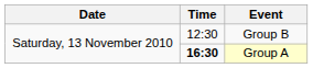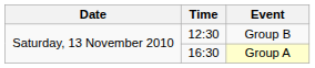 <table class = "wikitable" style="text-align:center;">
 <tr>
 <th width=220>Date</th>
 <th width=50>Time</th>
 <th width=100>Event</th>
 </tr>
 <tr>
 <td rowspan=2>Saturday, 13 November 2010</td>
 <td>12:30</td>
 <td>Group B</td>
 </tr>
 <tr>
-<td><strong>16:30</strong></td>
+<td>16:30</td>
 <td bgcolor=ffffcc>Group A</td>
 </tr>
 </table>
